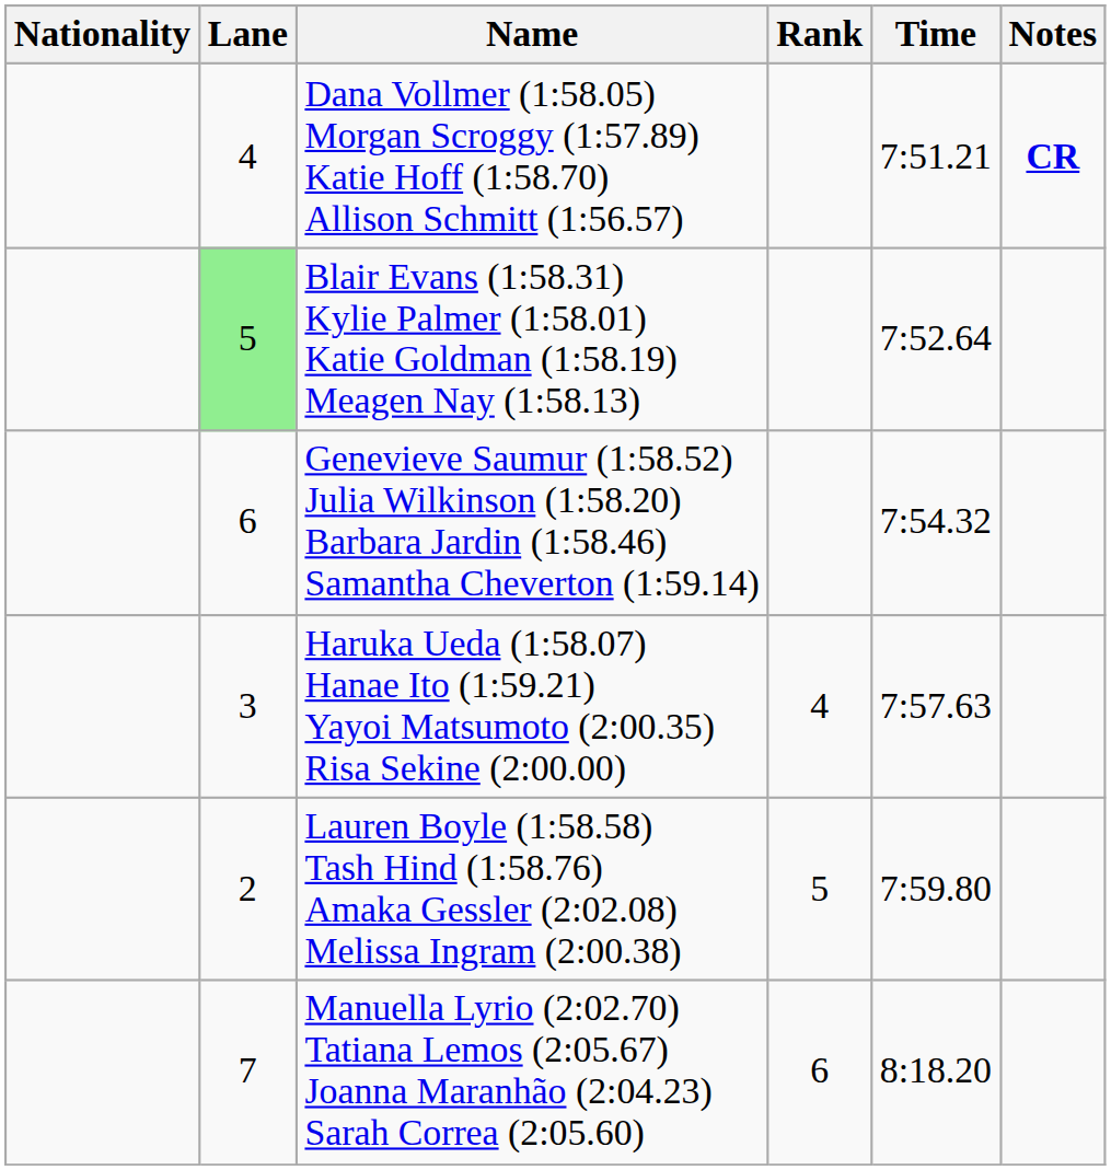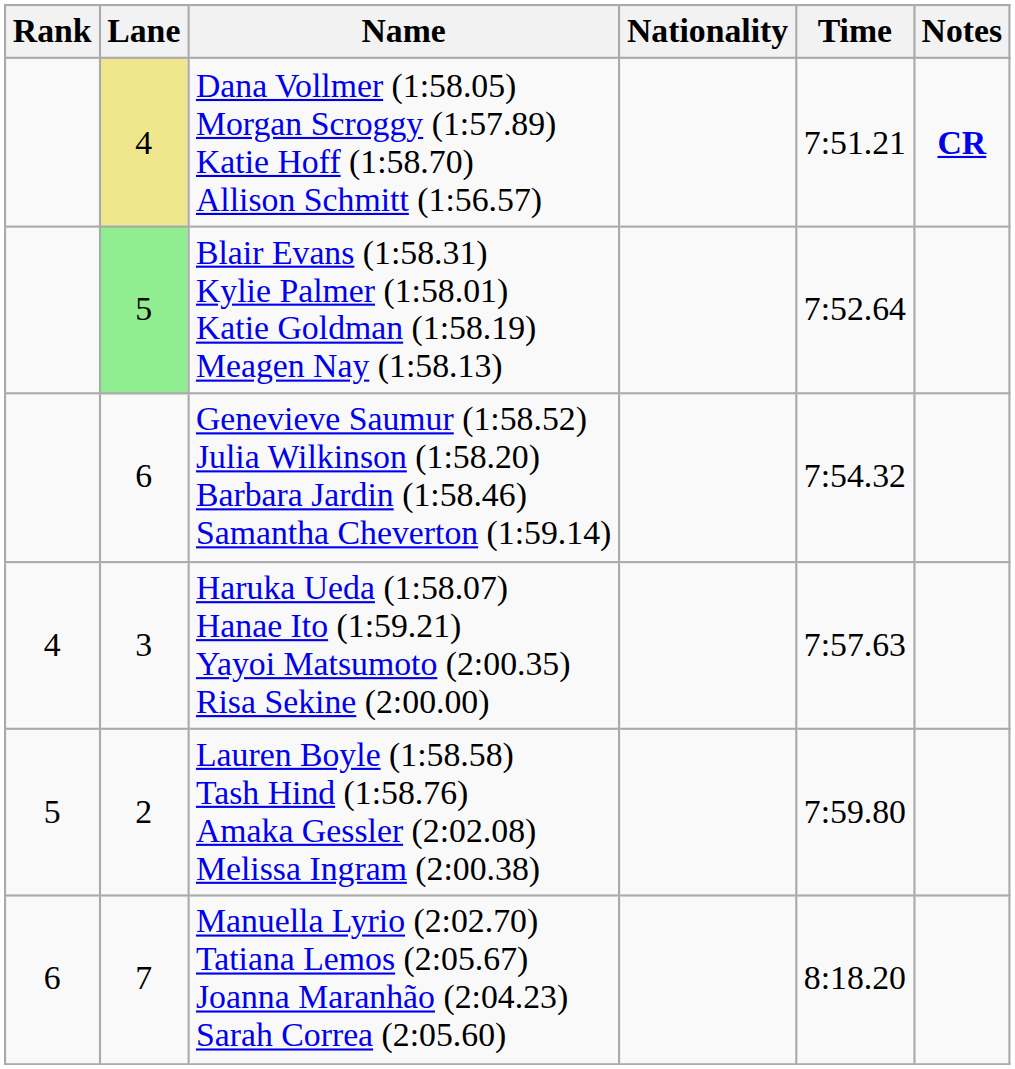 <table class="wikitable sortable" style="text-align:center">
 <tr>
-<th>Nationality</th>
+<th>Rank</th>
 <th>Lane</th>
 <th>Name</th>
-<th>Rank</th>
+<th>Nationality</th>
 <th>Time</th>
 <th>Notes</th>
 </tr>
 <tr>
+<td></td>
+<td style="background: khaki;">4</td>
+<td align=left><a href='#'>Dana Vollmer</a> (1:58.05) <br> <a href='#'>Morgan Scroggy</a> (1:57.89) <br> <a href='#'>Katie Hoff</a> (1:58.70) <br> <a href='#'>Allison Schmitt</a> (1:56.57)</td>
 <td align=left></td>
-<td>4</td>
-<td align=left><a href='#'>Dana Vollmer</a> (1:58.05) <br> <a href='#'>Morgan Scroggy</a> (1:57.89) <br> <a href='#'>Katie Hoff</a> (1:58.70) <br> <a href='#'>Allison Schmitt</a> (1:56.57)</td>
-<td></td>
 <td>7:51.21</td>
 <td><strong><a href='#'>CR</a></strong></td>
 </tr>
 <tr>
-<td align=left></td>
+<td></td>
 <td style="background: lightgreen;">5</td>
 <td align=left><a href='#'>Blair Evans</a> (1:58.31) <br> <a href='#'>Kylie Palmer</a> (1:58.01) <br> <a href='#'>Katie Goldman</a> (1:58.19) <br> <a href='#'>Meagen Nay</a> (1:58.13)</td>
-<td></td>
+<td align=left></td>
 <td>7:52.64</td>
 <td></td>
 </tr>
 <tr>
-<td align=left></td>
+<td></td>
 <td>6</td>
 <td align=left><a href='#'>Genevieve Saumur</a> (1:58.52) <br><a href='#'>Julia Wilkinson</a> (1:58.20) <br><a href='#'>Barbara Jardin</a> (1:58.46) <br><a href='#'>Samantha Cheverton</a> (1:59.14)</td>
-<td></td>
+<td align=left></td>
 <td>7:54.32</td>
 <td></td>
 </tr>
 <tr>
-<td align=left></td>
+<td>4</td>
 <td>3</td>
 <td align=left><a href='#'>Haruka Ueda</a> (1:58.07) <br> <a href='#'>Hanae Ito</a> (1:59.21) <br> <a href='#'>Yayoi Matsumoto</a> (2:00.35) <br> <a href='#'>Risa Sekine</a> (2:00.00)</td>
-<td>4</td>
+<td align=left></td>
 <td>7:57.63</td>
 <td></td>
 </tr>
 <tr>
-<td align=left></td>
+<td>5</td>
 <td>2</td>
 <td align=left><a href='#'>Lauren Boyle</a> (1:58.58) <br><a href='#'>Tash Hind</a> (1:58.76) <br><a href='#'>Amaka Gessler</a> (2:02.08) <br><a href='#'>Melissa Ingram</a> (2:00.38)</td>
-<td>5</td>
+<td align=left></td>
 <td>7:59.80</td>
 <td></td>
 </tr>
 <tr>
-<td align=left></td>
+<td>6</td>
 <td>7</td>
 <td align=left><a href='#'>Manuella Lyrio</a> (2:02.70) <br><a href='#'>Tatiana Lemos</a> (2:05.67) <br><a href='#'>Joanna Maranhão</a> (2:04.23) <br><a href='#'>Sarah Correa</a> (2:05.60)</td>
-<td>6</td>
+<td align=left></td>
 <td>8:18.20</td>
 <td></td>
 </tr>
 </table>
